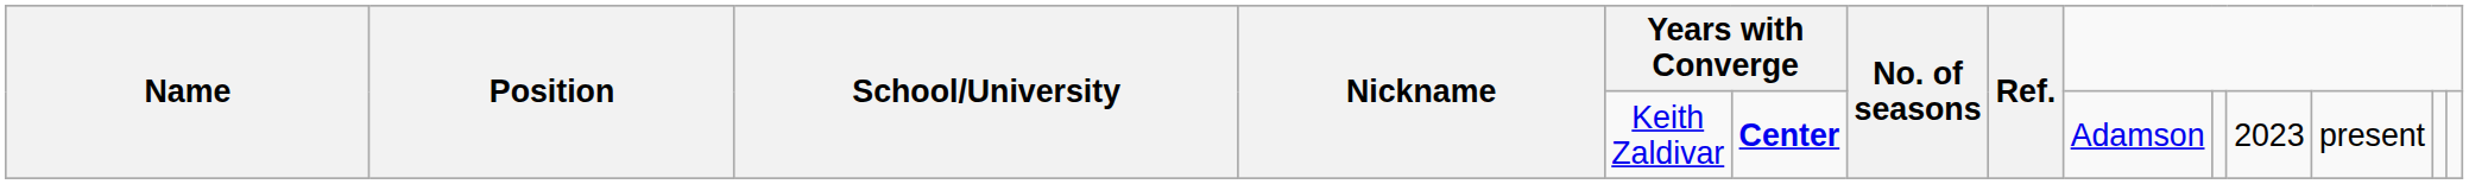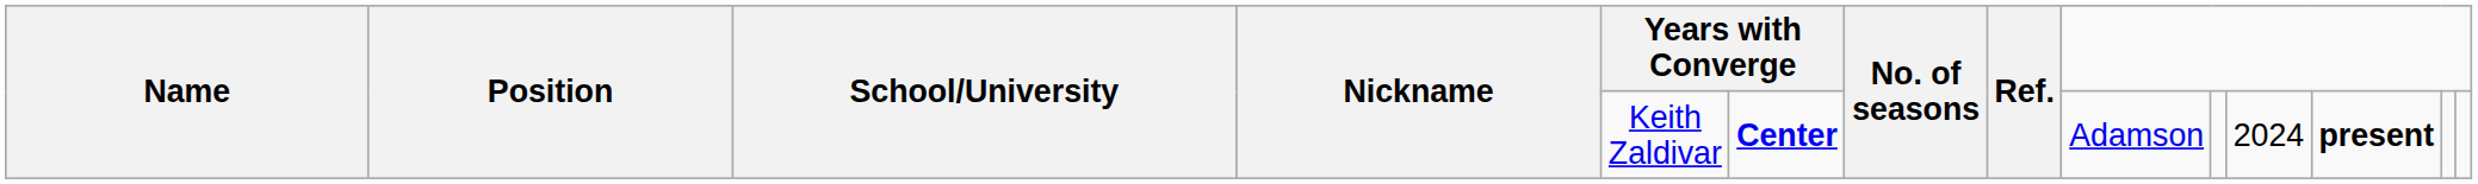 <table class="wikitable sortable" style="text-align:center" width="98%">
 <tr>
 <th style="width:180px;" rowspan="2">Name</th>
 <th style="width:180px;" rowspan="2">Position</th>
 <th style="width:250px;" rowspan="2">School/University</th>
 <th style="width:180px;" rowspan="2">Nickname</th>
 <th style="width:180px; text-align:center;" colspan="2">Years with Converge</th>
 <th rowspan="2">No. of seasons</th>
 <th rowspan="2"; class=unsortable>Ref.</th>
 </tr>
 <tr>
 <td><a href='#'>Keith Zaldivar</a></td>
 <td><strong><a href='#'>Center</a></strong></td>
 <td><a href='#'>Adamson</a></td>
 <td></td>
-<td>2023</td>
-<td>present</td>
+<td>2024</td>
+<td><strong>present</strong></td>
 <td></td>
 <td></td>
 </tr>
 </table>
